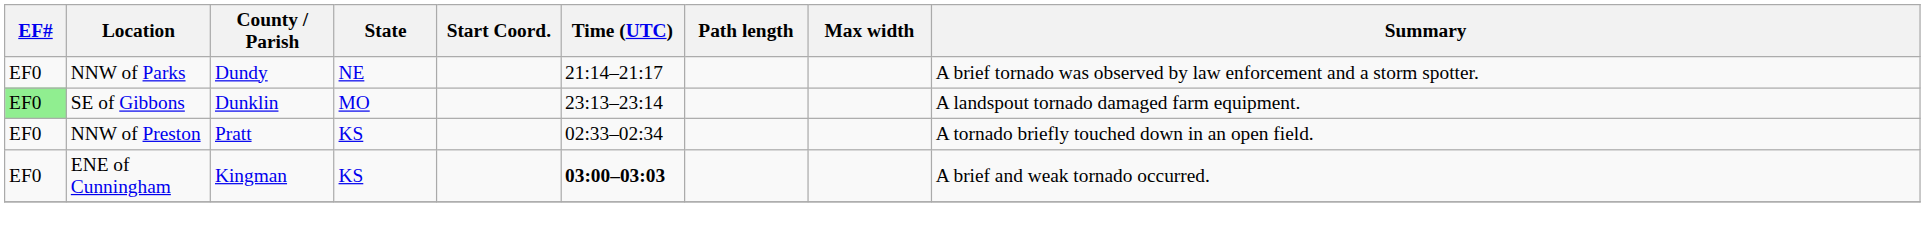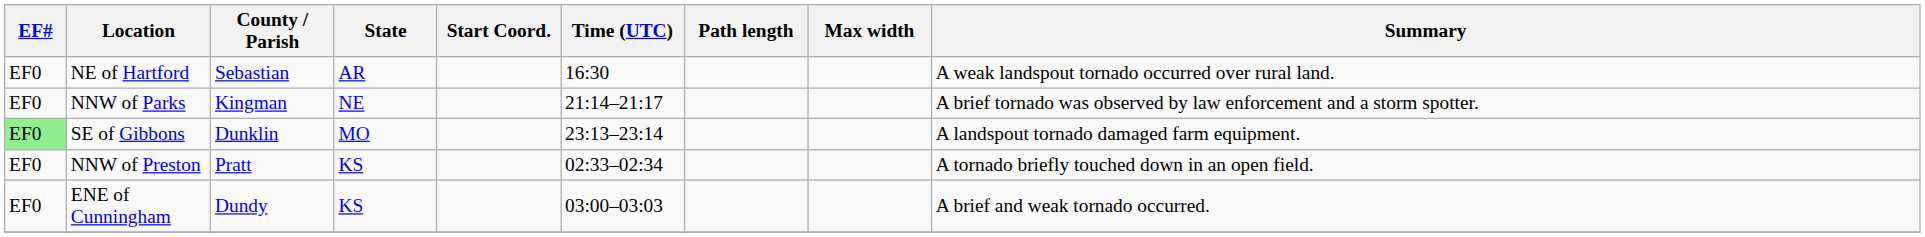 <table class="wikitable sortable" style="width:100%;">
 <tr>
 <th scope="col"  style="width:3%; text-align:center;"><a href='#'>EF#</a></th>
 <th scope="col"  style="width:7%; text-align:center;" class="unsortable">Location</th>
 <th scope="col"  style="width:6%; text-align:center;" class="unsortable">County / Parish</th>
 <th scope="col"  style="width:5%; text-align:center;">State</th>
 <th scope="col"  style="width:6%; text-align:center;">Start Coord.</th>
 <th scope="col"  style="width:6%; text-align:center;">Time (<a href='#'>UTC</a>)</th>
 <th scope="col"  style="width:6%; text-align:center;">Path length</th>
 <th scope="col"  style="width:6%; text-align:center;">Max width</th>
 <th scope="col" class="unsortable" style="width:48%; text-align:center;">Summary</th>
 </tr>
 <tr>
 <td>EF0</td>
+<td>NE of <a href='#'>Hartford</a></td>
+<td><a href='#'>Sebastian</a></td>
+<td><a href='#'>AR</a></td>
+<td></td>
+<td>16:30</td>
+<td></td>
+<td></td>
+<td>A weak landspout tornado occurred over rural land.</td>
+</tr>
+<tr>
+<td>EF0</td>
 <td>NNW of <a href='#'>Parks</a></td>
-<td><a href='#'>Dundy</a></td>
+<td><a href='#'>Kingman</a></td>
 <td><a href='#'>NE</a></td>
 <td></td>
 <td>21:14–21:17</td>
 <td></td>
 <td></td>
 <td>A brief tornado was observed by law enforcement and a storm spotter.</td>
 </tr>
 <tr>
 <td style="background: lightgreen;">EF0</td>
 <td>SE of <a href='#'>Gibbons</a></td>
 <td><a href='#'>Dunklin</a></td>
 <td><a href='#'>MO</a></td>
 <td></td>
 <td>23:13–23:14</td>
 <td></td>
 <td></td>
 <td>A landspout tornado damaged farm equipment.</td>
 </tr>
 <tr>
 <td>EF0</td>
 <td>NNW of <a href='#'>Preston</a></td>
 <td><a href='#'>Pratt</a></td>
 <td><a href='#'>KS</a></td>
 <td></td>
 <td>02:33–02:34</td>
 <td></td>
 <td></td>
 <td>A tornado briefly touched down in an open field.</td>
 </tr>
 <tr>
 <td>EF0</td>
 <td>ENE of <a href='#'>Cunningham</a></td>
-<td><a href='#'>Kingman</a></td>
+<td><a href='#'>Dundy</a></td>
 <td><a href='#'>KS</a></td>
 <td></td>
-<td><strong>03:00–03:03</strong></td>
+<td>03:00–03:03</td>
 <td></td>
 <td></td>
 <td>A brief and weak tornado occurred.</td>
 </tr>
 <tr>
 </tr>
 </table>
